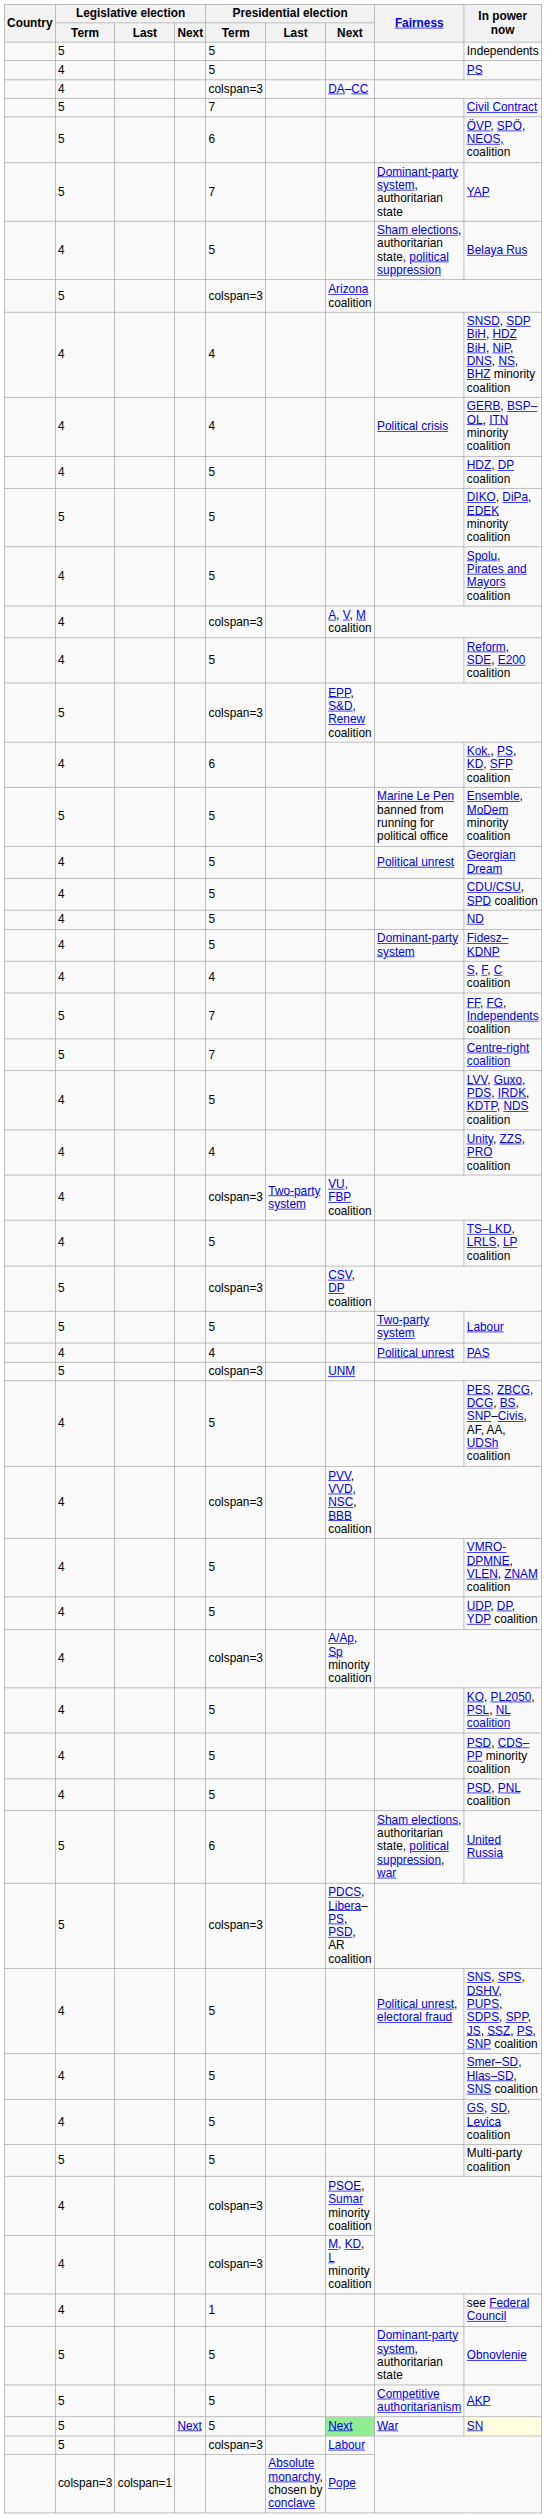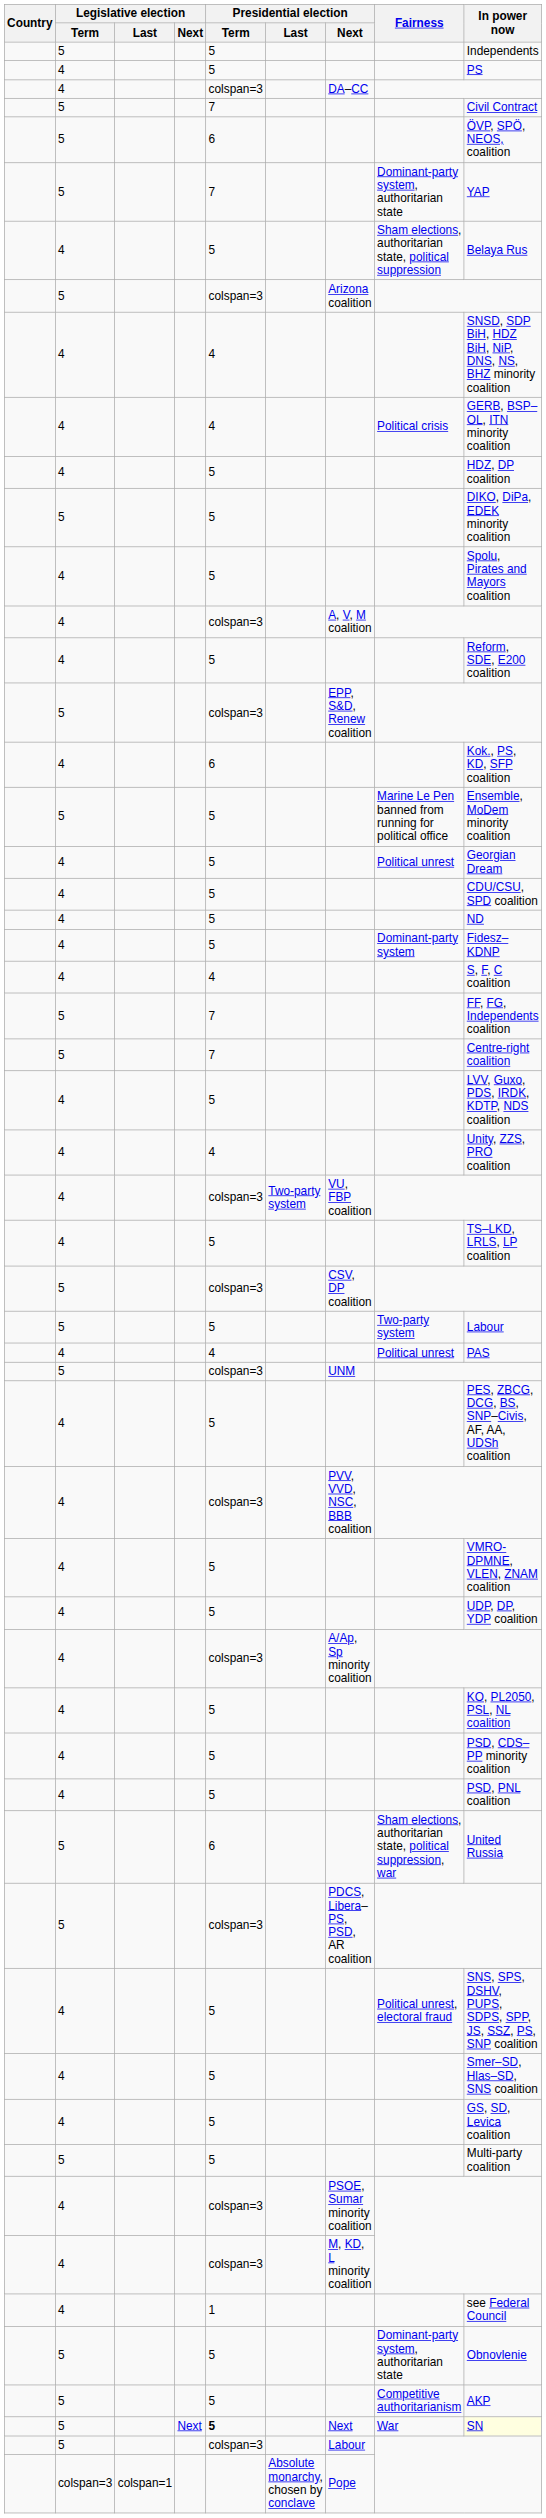 <table class="wikitable sortable">
 <tr>
 <th rowspan=2>Country</th>
 <th colspan=3>Legislative election</th>
 <th colspan=3>Presidential election</th>
 <th rowspan=2><a href='#'>Fairness</a></th>
 <th rowspan=2>In power now</th>
 </tr>
 <tr>
 <th>Term</th>
 <th>Last</th>
 <th>Next</th>
 <th>Term</th>
 <th>Last</th>
 <th>Next</th>
 </tr>
 <tr>
 <td></td>
 <td>5</td>
 <td><a href='#'></a></td>
 <td><a href='#'></a></td>
 <td>5</td>
 <td><a href='#'></a></td>
 <td><a href='#'></a></td>
 <td></td>
 <td>Independents</td>
 </tr>
 <tr>
 <td></td>
 <td>4</td>
 <td><a href='#'></a></td>
 <td><a href='#'></a></td>
 <td>5</td>
 <td><a href='#'></a></td>
 <td></td>
 <td></td>
 <td><a href='#'>PS</a></td>
 </tr>
 <tr>
 <td></td>
 <td>4</td>
 <td><a href='#'></a></td>
 <td><a href='#'></a></td>
 <td>colspan=3 </td>
 <td></td>
 <td><a href='#'>DA</a>–<a href='#'>CC</a></td>
 </tr>
 <tr>
 <td></td>
 <td>5</td>
 <td><a href='#'></a></td>
 <td><a href='#'></a></td>
 <td>7</td>
 <td><a href='#'></a></td>
 <td></td>
 <td></td>
 <td><a href='#'>Civil Contract</a></td>
 </tr>
 <tr>
 <td></td>
 <td>5</td>
 <td><a href='#'></a></td>
 <td><a href='#'></a></td>
 <td>6</td>
 <td><a href='#'></a></td>
 <td></td>
 <td></td>
 <td><a href='#'>ÖVP</a>, <a href='#'>SPÖ</a>, <a href='#'>NEOS,</a> coalition</td>
 </tr>
 <tr>
 <td></td>
 <td>5</td>
 <td><a href='#'></a></td>
 <td><a href='#'></a></td>
 <td>7</td>
 <td><a href='#'></a></td>
 <td><a href='#'></a></td>
 <td><a href='#'>Dominant-party system</a>, authoritarian state</td>
 <td><a href='#'>YAP</a></td>
 </tr>
 <tr>
 <td></td>
 <td>4</td>
 <td><a href='#'></a></td>
 <td><a href='#'></a></td>
 <td>5</td>
 <td><a href='#'></a></td>
 <td><a href='#'></a></td>
 <td><a href='#'>Sham elections</a>, authoritarian state, <a href='#'>political suppression</a></td>
 <td><a href='#'>Belaya Rus</a></td>
 </tr>
 <tr>
 <td></td>
 <td>5</td>
 <td><a href='#'></a></td>
 <td><a href='#'></a></td>
 <td>colspan=3 </td>
 <td></td>
 <td><a href='#'>Arizona</a> coalition</td>
 </tr>
 <tr>
 <td></td>
 <td>4</td>
 <td><a href='#'></a></td>
 <td><a href='#'></a></td>
 <td>4</td>
 <td><a href='#'></a></td>
 <td></td>
 <td></td>
 <td><a href='#'>SNSD</a>, <a href='#'>SDP BiH</a>, <a href='#'>HDZ BiH</a>, <a href='#'>NiP</a>, <a href='#'>DNS</a>, <a href='#'>NS</a>, <a href='#'>BHZ</a> minority coalition</td>
 </tr>
 <tr>
 <td></td>
 <td>4</td>
 <td><a href='#'></a></td>
 <td><a href='#'></a></td>
 <td>4</td>
 <td><a href='#'></a></td>
 <td><a href='#'></a></td>
 <td><a href='#'>Political crisis</a></td>
 <td><a href='#'>GERB</a>, <a href='#'>BSP–OL</a>, <a href='#'>ITN</a> minority coalition</td>
 </tr>
 <tr>
 <td></td>
 <td>4</td>
 <td><a href='#'></a></td>
 <td><a href='#'></a></td>
 <td>5</td>
 <td><a href='#'></a></td>
 <td><a href='#'></a></td>
 <td></td>
 <td><a href='#'>HDZ</a>, <a href='#'>DP</a> coalition</td>
 </tr>
 <tr>
 <td></td>
 <td>5</td>
 <td><a href='#'></a></td>
 <td><a href='#'></a></td>
 <td>5</td>
 <td><a href='#'></a></td>
 <td><a href='#'></a></td>
 <td></td>
 <td><a href='#'>DIKO</a>, <a href='#'>DiPa</a>, <a href='#'>EDEK</a> minority coalition</td>
 </tr>
 <tr>
 <td></td>
 <td>4</td>
 <td><a href='#'></a></td>
 <td><a href='#'></a></td>
 <td>5</td>
 <td><a href='#'></a></td>
 <td><a href='#'></a></td>
 <td></td>
 <td><a href='#'>Spolu</a>, <a href='#'>Pirates and Mayors</a> coalition</td>
 </tr>
 <tr>
 <td></td>
 <td>4</td>
 <td><a href='#'></a></td>
 <td><a href='#'></a></td>
 <td>colspan=3 </td>
 <td></td>
 <td><a href='#'>A</a>, <a href='#'>V</a>, <a href='#'>M</a> coalition</td>
 </tr>
 <tr>
 <td></td>
 <td>4</td>
 <td><a href='#'></a></td>
 <td><a href='#'></a></td>
 <td>5</td>
 <td><a href='#'></a></td>
 <td><a href='#'></a></td>
 <td></td>
 <td><a href='#'>Reform</a>, <a href='#'>SDE</a>, <a href='#'>E200</a> coalition</td>
 </tr>
 <tr>
 <td></td>
 <td>5</td>
 <td><a href='#'></a></td>
 <td><a href='#'></a></td>
 <td>colspan=3 </td>
 <td></td>
 <td><a href='#'>EPP</a>, <a href='#'>S&D</a>, <a href='#'>Renew</a> coalition</td>
 </tr>
 <tr>
 <td></td>
 <td>4</td>
 <td><a href='#'></a></td>
 <td><a href='#'></a></td>
 <td>6</td>
 <td><a href='#'></a></td>
 <td><a href='#'></a></td>
 <td></td>
 <td><a href='#'>Kok.</a>, <a href='#'>PS</a>, <a href='#'>KD</a>, <a href='#'>SFP</a> coalition</td>
 </tr>
 <tr>
 <td></td>
 <td>5</td>
 <td><a href='#'></a></td>
 <td><a href='#'></a></td>
 <td>5</td>
 <td><a href='#'></a></td>
 <td><a href='#'></a></td>
 <td><a href='#'>Marine Le Pen</a> banned from running for political office</td>
 <td><a href='#'>Ensemble</a>, <a href='#'>MoDem</a> minority coalition</td>
 </tr>
 <tr>
 <td></td>
 <td>4</td>
 <td><a href='#'></a></td>
 <td><a href='#'></a></td>
 <td>5</td>
 <td><a href='#'></a></td>
 <td><a href='#'></a></td>
 <td><a href='#'>Political unrest</a></td>
 <td><a href='#'>Georgian Dream</a></td>
 </tr>
 <tr>
 <td></td>
 <td>4</td>
 <td><a href='#'></a></td>
 <td><a href='#'></a></td>
 <td>5</td>
 <td><a href='#'></a></td>
 <td><a href='#'></a></td>
 <td></td>
 <td><a href='#'>CDU/CSU</a>, <a href='#'>SPD</a> coalition</td>
 </tr>
 <tr>
 <td></td>
 <td>4</td>
 <td><a href='#'></a></td>
 <td><a href='#'></a></td>
 <td>5</td>
 <td><a href='#'></a></td>
 <td><a href='#'></a></td>
 <td></td>
 <td><a href='#'>ND</a></td>
 </tr>
 <tr>
 <td></td>
 <td>4</td>
 <td><a href='#'></a></td>
 <td><a href='#'></a></td>
 <td>5</td>
 <td><a href='#'></a></td>
 <td><a href='#'></a></td>
 <td><a href='#'>Dominant-party system</a></td>
 <td><a href='#'>Fidesz–KDNP</a></td>
 </tr>
 <tr>
 <td></td>
 <td>4</td>
 <td><a href='#'></a></td>
 <td><a href='#'></a></td>
 <td>4</td>
 <td><a href='#'></a></td>
 <td></td>
 <td></td>
 <td><a href='#'>S</a>, <a href='#'>F</a>, <a href='#'>C</a> coalition</td>
 </tr>
 <tr>
 <td></td>
 <td>5</td>
 <td><a href='#'></a></td>
 <td><a href='#'></a></td>
 <td>7</td>
 <td><a href='#'></a></td>
 <td><a href='#'></a></td>
 <td></td>
 <td><a href='#'>FF</a>, <a href='#'>FG</a>, <a href='#'>Independents</a> coalition</td>
 </tr>
 <tr>
 <td></td>
 <td>5</td>
 <td><a href='#'></a></td>
 <td><a href='#'></a></td>
 <td>7</td>
 <td><a href='#'></a></td>
 <td></td>
 <td></td>
 <td><a href='#'>Centre-right coalition</a></td>
 </tr>
 <tr>
 <td></td>
 <td>4</td>
 <td><a href='#'></a></td>
 <td><a href='#'></a></td>
 <td>5</td>
 <td><a href='#'></a></td>
 <td><a href='#'></a></td>
 <td></td>
 <td><a href='#'>LVV</a>, <a href='#'>Guxo</a>, <a href='#'>PDS</a>, <a href='#'>IRDK</a>, <a href='#'>KDTP</a>, <a href='#'>NDS</a> coalition</td>
 </tr>
 <tr>
 <td></td>
 <td>4</td>
 <td><a href='#'></a></td>
 <td><a href='#'></a></td>
 <td>4</td>
 <td><a href='#'></a></td>
 <td><a href='#'></a></td>
 <td></td>
 <td><a href='#'>Unity</a>, <a href='#'>ZZS</a>, <a href='#'>PRO</a> coalition</td>
 </tr>
 <tr>
 <td></td>
 <td>4</td>
 <td><a href='#'></a></td>
 <td><a href='#'></a></td>
 <td>colspan=3 </td>
 <td><a href='#'>Two-party system</a></td>
 <td><a href='#'>VU</a>, <a href='#'>FBP</a> coalition</td>
 </tr>
 <tr>
 <td></td>
 <td>4</td>
 <td><a href='#'></a></td>
 <td><a href='#'></a></td>
 <td>5</td>
 <td><a href='#'></a></td>
 <td><a href='#'></a></td>
 <td></td>
 <td><a href='#'>TS–LKD</a>, <a href='#'>LRLS</a>, <a href='#'>LP</a> coalition</td>
 </tr>
 <tr>
 <td></td>
 <td>5</td>
 <td><a href='#'></a></td>
 <td><a href='#'></a></td>
 <td>colspan=3 </td>
 <td></td>
 <td><a href='#'>CSV</a>, <a href='#'>DP</a> coalition</td>
 </tr>
 <tr>
 <td></td>
 <td>5</td>
 <td><a href='#'></a></td>
 <td><a href='#'></a></td>
 <td>5</td>
 <td><a href='#'></a></td>
 <td><a href='#'></a></td>
 <td><a href='#'>Two-party system</a></td>
 <td><a href='#'>Labour</a></td>
 </tr>
 <tr>
 <td></td>
 <td>4</td>
 <td><a href='#'></a></td>
 <td><a href='#'></a></td>
 <td>4</td>
 <td><a href='#'></a></td>
 <td><a href='#'></a></td>
 <td><a href='#'>Political unrest</a></td>
 <td><a href='#'>PAS</a></td>
 </tr>
 <tr>
 <td></td>
 <td>5</td>
 <td><a href='#'></a></td>
 <td><a href='#'></a></td>
 <td>colspan=3 </td>
 <td></td>
 <td><a href='#'>UNM</a></td>
 </tr>
 <tr>
 <td></td>
 <td>4</td>
 <td><a href='#'></a></td>
 <td><a href='#'></a></td>
 <td>5</td>
 <td><a href='#'></a></td>
 <td><a href='#'></a></td>
 <td></td>
 <td><a href='#'>PES</a>, <a href='#'>ZBCG</a>, <a href='#'>DCG</a>, <a href='#'>BS</a>, <a href='#'>SNP</a>–<a href='#'>Civis</a>, AF, AA, <a href='#'>UDSh</a> coalition</td>
 </tr>
 <tr>
 <td></td>
 <td>4</td>
 <td><a href='#'></a></td>
 <td><a href='#'></a></td>
 <td>colspan=3 </td>
 <td></td>
 <td><a href='#'>PVV</a>, <a href='#'>VVD</a>, <a href='#'>NSC</a>, <a href='#'>BBB</a> coalition</td>
 </tr>
 <tr>
 <td></td>
 <td>4</td>
 <td><a href='#'></a></td>
 <td><a href='#'></a></td>
 <td>5</td>
 <td><a href='#'></a></td>
 <td><a href='#'></a></td>
 <td></td>
 <td><a href='#'>VMRO-DPMNE</a>, <a href='#'>VLEN</a>, <a href='#'>ZNAM</a> coalition</td>
 </tr>
 <tr>
 <td></td>
 <td>4</td>
 <td><a href='#'></a></td>
 <td><a href='#'></a></td>
 <td>5</td>
 <td><a href='#'></a></td>
 <td><a href='#'></a></td>
 <td></td>
 <td><a href='#'>UDP</a>, <a href='#'>DP</a>, <a href='#'>YDP</a> coalition</td>
 </tr>
 <tr>
 <td></td>
 <td>4</td>
 <td><a href='#'></a></td>
 <td><a href='#'></a></td>
 <td>colspan=3 </td>
 <td></td>
 <td><a href='#'>A/Ap</a>, <a href='#'>Sp</a> minority coalition</td>
 </tr>
 <tr>
 <td></td>
 <td>4</td>
 <td><a href='#'></a></td>
 <td><a href='#'></a></td>
 <td>5</td>
 <td><a href='#'></a></td>
 <td><a href='#'></a></td>
 <td></td>
 <td><a href='#'>KO</a>, <a href='#'>PL2050</a>, <a href='#'>PSL</a>, <a href='#'>NL</a> <a href='#'>coalition</a></td>
 </tr>
 <tr>
 <td></td>
 <td>4</td>
 <td><a href='#'></a></td>
 <td><a href='#'></a></td>
 <td>5</td>
 <td><a href='#'></a></td>
 <td><a href='#'></a></td>
 <td></td>
 <td><a href='#'>PSD</a>, <a href='#'>CDS–PP</a> minority coalition</td>
 </tr>
 <tr>
 <td></td>
 <td>4</td>
 <td><a href='#'></a></td>
 <td><a href='#'></a></td>
 <td>5</td>
 <td><a href='#'></a></td>
 <td><a href='#'></a></td>
 <td></td>
 <td><a href='#'>PSD</a>, <a href='#'>PNL</a> coalition</td>
 </tr>
 <tr>
 <td></td>
 <td>5</td>
 <td><a href='#'></a></td>
 <td><a href='#'></a></td>
 <td>6</td>
 <td><a href='#'></a></td>
 <td><a href='#'></a></td>
 <td><a href='#'>Sham elections</a>, authoritarian state, <a href='#'>political suppression</a>, <a href='#'>war</a></td>
 <td><a href='#'>United Russia</a></td>
 </tr>
 <tr>
 <td></td>
 <td>5</td>
 <td><a href='#'></a></td>
 <td><a href='#'></a></td>
 <td>colspan=3 </td>
 <td></td>
 <td><a href='#'>PDCS</a>, <a href='#'>Libera</a>–<a href='#'>PS</a>, <a href='#'>PSD</a>,  AR coalition</td>
 </tr>
 <tr>
 <td></td>
 <td>4</td>
 <td><a href='#'></a></td>
 <td><a href='#'></a></td>
 <td>5</td>
 <td><a href='#'></a></td>
 <td><a href='#'></a></td>
 <td><a href='#'>Political unrest</a>, <a href='#'>electoral fraud</a></td>
 <td><a href='#'>SNS</a>, <a href='#'>SPS</a>, <a href='#'>DSHV</a>, <a href='#'>PUPS</a>, <a href='#'>SDPS</a>, <a href='#'>SPP</a>, <a href='#'>JS</a>, <a href='#'>SSZ</a>, <a href='#'>PS</a>, <a href='#'>SNP</a> coalition</td>
 </tr>
 <tr>
 <td></td>
 <td>4</td>
 <td><a href='#'></a></td>
 <td><a href='#'></a></td>
 <td>5</td>
 <td><a href='#'></a></td>
 <td><a href='#'></a></td>
 <td></td>
 <td><a href='#'>Smer–SD</a>, <a href='#'>Hlas–SD</a>, <a href='#'>SNS</a> coalition</td>
 </tr>
 <tr>
 <td></td>
 <td>4</td>
 <td><a href='#'></a></td>
 <td><a href='#'></a></td>
 <td>5</td>
 <td><a href='#'></a></td>
 <td><a href='#'></a></td>
 <td></td>
 <td><a href='#'>GS</a>, <a href='#'>SD</a>, <a href='#'>Levica</a> coalition</td>
 </tr>
 <tr>
 <td></td>
 <td>5</td>
 <td><a href='#'></a></td>
 <td><a href='#'></a></td>
 <td>5</td>
 <td><a href='#'></a></td>
 <td></td>
 <td></td>
 <td>Multi-party coalition</td>
 </tr>
 <tr>
 <td></td>
 <td>4</td>
 <td><a href='#'></a></td>
 <td><a href='#'></a></td>
 <td>colspan=3 </td>
 <td></td>
 <td><a href='#'>PSOE</a>, <a href='#'>Sumar</a> minority coalition</td>
 </tr>
 <tr>
 <td></td>
 <td>4</td>
 <td><a href='#'></a></td>
 <td><a href='#'></a></td>
 <td>colspan=3 </td>
 <td></td>
 <td><a href='#'>M</a>, <a href='#'>KD</a>, <a href='#'>L</a> minority coalition</td>
 </tr>
 <tr>
 <td></td>
 <td>4</td>
 <td><a href='#'></a></td>
 <td><a href='#'></a></td>
 <td>1</td>
 <td><a href='#'></a></td>
 <td></td>
 <td></td>
 <td>see <a href='#'>Federal Council</a></td>
 </tr>
 <tr>
 <td></td>
 <td>5</td>
 <td><a href='#'></a></td>
 <td></td>
 <td>5</td>
 <td><a href='#'></a></td>
 <td></td>
 <td><a href='#'>Dominant-party system</a>, authoritarian state</td>
 <td><a href='#'>Obnovlenie</a></td>
 </tr>
 <tr>
 <td></td>
 <td>5</td>
 <td><a href='#'></a></td>
 <td><a href='#'></a></td>
 <td>5</td>
 <td><a href='#'></a></td>
 <td><a href='#'></a></td>
 <td><a href='#'>Competitive authoritarianism</a></td>
 <td><a href='#'>AKP</a></td>
 </tr>
 <tr>
 <td></td>
 <td>5</td>
 <td><a href='#'></a></td>
 <td><a href='#'>Next</a></td>
-<td>5</td>
+<td><strong>5</strong></td>
 <td><a href='#'></a></td>
-<td style="background: lightgreen;"><a href='#'>Next</a></td>
+<td><a href='#'>Next</a></td>
 <td><a href='#'>War</a></td>
 <td style="background: lightyellow;"><a href='#'>SN</a></td>
 </tr>
 <tr>
 <td></td>
 <td>5</td>
 <td><a href='#'></a></td>
 <td><a href='#'></a></td>
 <td>colspan=3 </td>
 <td></td>
 <td><a href='#'>Labour</a></td>
 </tr>
 <tr>
 <td></td>
 <td>colspan=3 </td>
 <td>colspan=1 </td>
 <td><a href='#'></a></td>
 <td></td>
 <td><a href='#'>Absolute monarchy</a>, chosen by <a href='#'>conclave</a></td>
 <td><a href='#'>Pope</a></td>
 </tr>
 </table>
